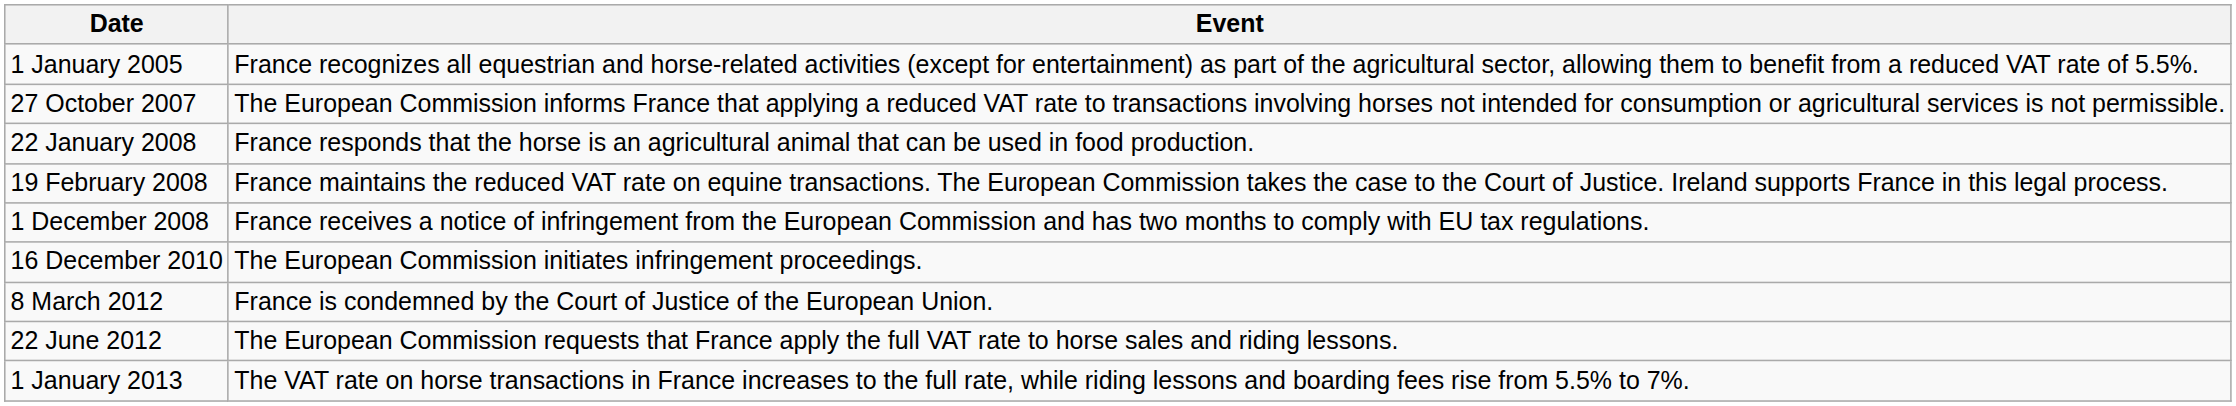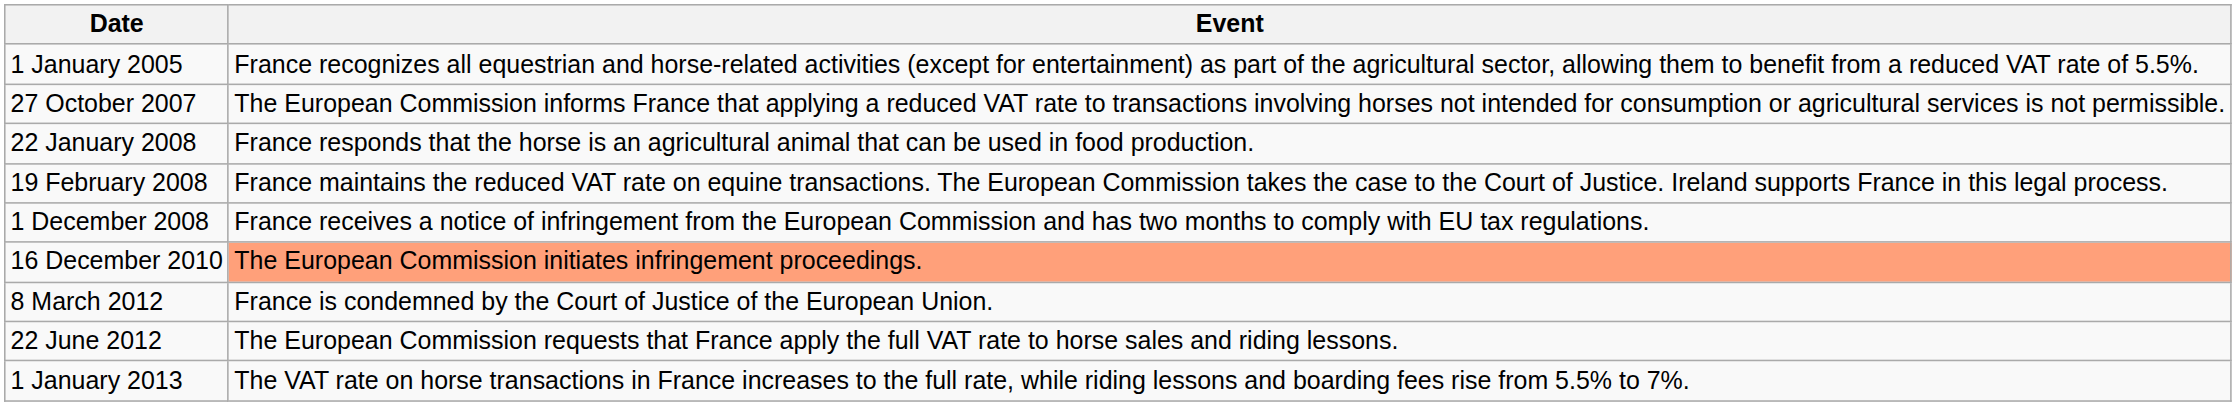 <table class="wikitable">
 <tr>
 <th>Date</th>
 <th>Event</th>
 </tr>
 <tr>
 <td>1 January 2005</td>
 <td>France recognizes all equestrian and horse-related activities (except for entertainment) as part of the agricultural sector, allowing them to benefit from a reduced VAT rate of 5.5%.</td>
 </tr>
 <tr>
 <td>27 October 2007</td>
 <td>The European Commission informs France that applying a reduced VAT rate to transactions involving horses not intended for consumption or agricultural services is not permissible.</td>
 </tr>
 <tr>
 <td>22 January 2008</td>
 <td>France responds that the horse is an agricultural animal that can be used in food production.</td>
 </tr>
 <tr>
 <td>19 February 2008</td>
 <td>France maintains the reduced VAT rate on equine transactions. The European Commission takes the case to the Court of Justice. Ireland supports France in this legal process.</td>
 </tr>
 <tr>
 <td>1 December 2008</td>
 <td>France receives a notice of infringement from the European Commission and has two months to comply with EU tax regulations.</td>
 </tr>
 <tr>
 <td>16 December 2010</td>
-<td>The European Commission initiates infringement proceedings.</td>
+<td style="background: lightsalmon;">The European Commission initiates infringement proceedings.</td>
 </tr>
 <tr>
 <td>8 March 2012</td>
 <td>France is condemned by the Court of Justice of the European Union.</td>
 </tr>
 <tr>
 <td>22 June 2012</td>
 <td>The European Commission requests that France apply the full VAT rate to horse sales and riding lessons.</td>
 </tr>
 <tr>
 <td>1 January 2013</td>
 <td>The VAT rate on horse transactions in France increases to the full rate, while riding lessons and boarding fees rise from 5.5% to 7%.</td>
 </tr>
 </table>
